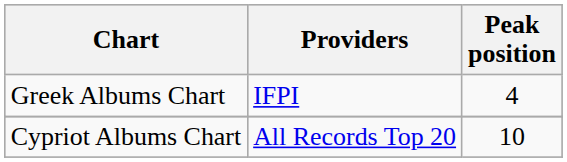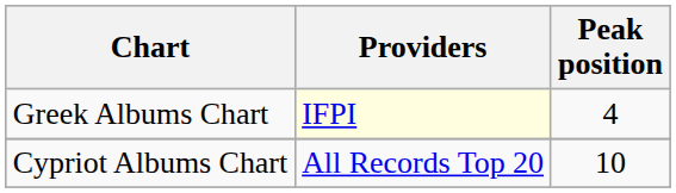 <table class="wikitable">
 <tr>
 <th align="left">Chart</th>
 <th align="left">Providers</th>
 <th align="left">Peak<br>position</th>
 </tr>
 <tr>
 <td align="left">Greek Albums Chart</td>
-<td align="left"><a href='#'>IFPI</a></td>
+<td align="left" style="background: lightyellow;"><a href='#'>IFPI</a></td>
 <td align="center">4</td>
 </tr>
 <tr>
 </tr>
 <tr>
 <td align="left">Cypriot Albums Chart</td>
 <td align="left"><a href='#'>All Records Top 20</a></td>
 <td align="center">10</td>
 </tr>
 </table>
